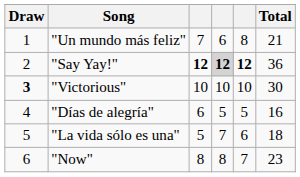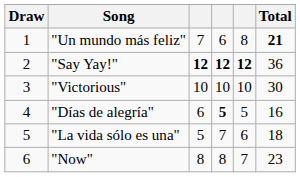 <table class="wikitable plainrowheaders" style="margin: 1em auto 1em auto; text-align:center;">
 <tr>
 </tr>
 <tr>
 <th>Draw</th>
 <th>Song</th>
 <th></th>
 <th></th>
 <th></th>
 <th>Total</th>
 </tr>
 <tr>
 <td>1</td>
 <td align="left">"Un mundo más feliz"</td>
 <td>7</td>
 <td>6</td>
 <td>8</td>
-<td>21</td>
+<td><strong>21</strong></td>
 </tr>
 <tr>
 <td>2</td>
 <td align="left">"Say Yay!"</td>
 <td><strong>12</strong></td>
-<td style="background: lightgrey;"><strong>12</strong></td>
+<td><strong>12</strong></td>
 <td><strong>12</strong></td>
 <td>36</td>
 </tr>
 <tr>
-<td><strong>3</strong></td>
+<td>3</td>
 <td align="left">"Victorious"</td>
 <td>10</td>
 <td>10</td>
 <td>10</td>
 <td>30</td>
 </tr>
 <tr>
 <td>4</td>
 <td align="left">"Días de alegría"</td>
 <td>6</td>
-<td>5</td>
+<td><strong>5</strong></td>
 <td>5</td>
 <td>16</td>
 </tr>
 <tr>
 <td>5</td>
 <td align="left">"La vida sólo es una"</td>
 <td>5</td>
 <td>7</td>
 <td>6</td>
 <td>18</td>
 </tr>
 <tr>
 <td>6</td>
 <td align="left">"Now"</td>
 <td>8</td>
 <td>8</td>
 <td>7</td>
 <td>23</td>
 </tr>
 </table>
